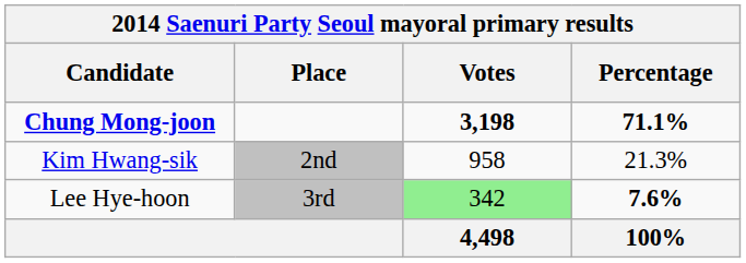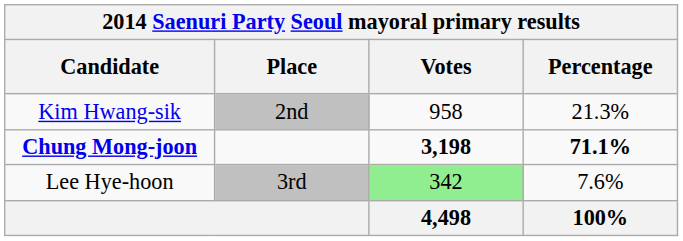 <table class="wikitable" style="text-align:center;">
 <tr>
 <th colspan=4>2014 <a href='#'>Saenuri Party</a> <a href='#'>Seoul</a> mayoral primary results</th>
 </tr>
 <tr>
 <th style="padding:10px;" width=130><strong>Candidate</strong></th>
 <th style="padding:10px;" width=90><strong>Place</strong></th>
 <th style="padding:10px;" width=90><strong>Votes</strong></th>
 <th style="padding:10px;" width=90><strong>Percentage</strong></th>
 </tr>
 <tr>
+<td><a href='#'>Kim Hwang-sik</a></td>
+<td style="background:silver;">2nd</td>
+<td>958</td>
+<td>21.3%</td>
+</tr>
+<tr>
 <td><strong><a href='#'>Chung Mong-joon</a></strong></td>
 <td style="background:"><strong></strong></td>
 <td><strong>3,198</strong></td>
 <td><strong>71.1%</strong></td>
 </tr>
 <tr>
-<td><a href='#'>Kim Hwang-sik</a></td>
-<td style="background:silver;">2nd</td>
-<td>958</td>
-<td>21.3%</td>
-</tr>
-<tr>
 <td>Lee Hye-hoon</td>
 <td style="background: silver;">3rd</td>
 <td style="background: lightgreen;">342</td>
-<td><strong>7.6%</strong></td>
+<td>7.6%</td>
 </tr>
 <tr>
 <th colspan=2></th>
 <th>4,498</th>
 <th>100%</th>
 </tr>
 </table>
